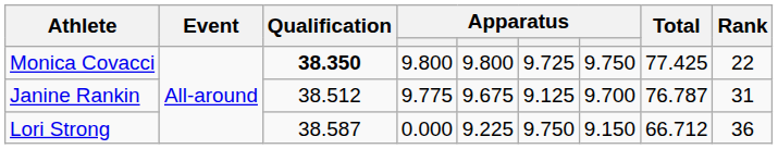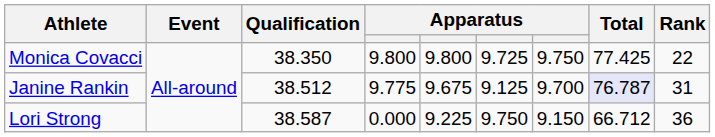 <table class="wikitable" style="font-size:90%">
 <tr>
 <th rowspan=2>Athlete</th>
 <th rowspan=2>Event</th>
 <th rowspan=2>Qualification</th>
 <th colspan=4>Apparatus</th>
 <th rowspan=2>Total</th>
 <th rowspan=2>Rank</th>
 </tr>
 <tr style="font-size:95%">
 <th></th>
 <th></th>
 <th></th>
 <th></th>
 </tr>
 <tr align=center>
 <td align=left><a href='#'>Monica Covacci</a></td>
 <td align=left rowspan=3><a href='#'>All-around</a></td>
-<td><strong>38.350</strong></td>
+<td>38.350</td>
 <td>9.800</td>
 <td>9.800</td>
 <td>9.725</td>
 <td>9.750</td>
 <td>77.425</td>
 <td>22</td>
 </tr>
 <tr align=center>
 <td align=left><a href='#'>Janine Rankin</a></td>
 <td>38.512</td>
 <td>9.775</td>
 <td>9.675</td>
 <td>9.125</td>
 <td>9.700</td>
-<td>76.787</td>
+<td style="background: lavender;">76.787</td>
 <td>31</td>
 </tr>
 <tr align=center>
 <td align=left><a href='#'>Lori Strong</a></td>
 <td>38.587</td>
 <td>0.000</td>
 <td>9.225</td>
 <td>9.750</td>
 <td>9.150</td>
 <td>66.712</td>
 <td>36</td>
 </tr>
 </table>
